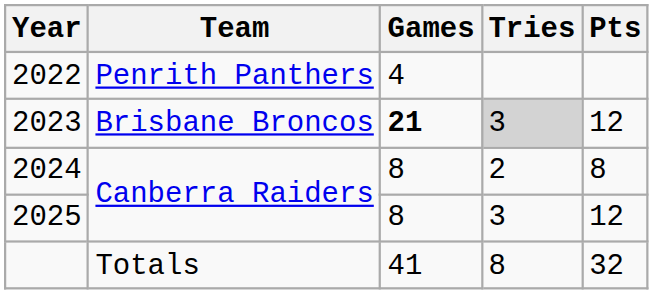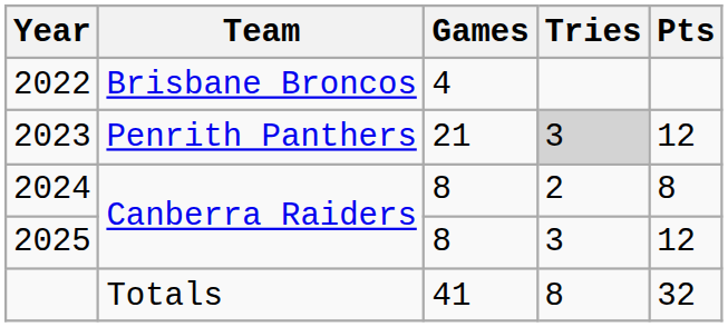 <table class="wikitable">
 <tr>
 <th>Year</th>
 <th>Team</th>
 <th>Games</th>
 <th>Tries</th>
 <th>Pts</th>
 </tr>
 <tr>
 <td>2022</td>
-<td> <a href='#'>Penrith Panthers</a></td>
+<td> <a href='#'>Brisbane Broncos</a></td>
 <td>4</td>
 <td></td>
 <td></td>
 </tr>
 <tr>
 <td>2023</td>
-<td> <a href='#'>Brisbane Broncos</a></td>
-<td><strong>21</strong></td>
+<td> <a href='#'>Penrith Panthers</a></td>
+<td>21</td>
 <td style="background: lightgrey;">3</td>
 <td>12</td>
 </tr>
 <tr>
 <td>2024</td>
 <td rowspan="2"> <a href='#'>Canberra Raiders</a></td>
 <td>8</td>
 <td>2</td>
 <td>8</td>
 </tr>
 <tr>
 <td>2025</td>
 <td>8</td>
 <td>3</td>
 <td>12</td>
 </tr>
 <tr>
 <td></td>
 <td>Totals</td>
 <td>41</td>
 <td>8</td>
 <td>32</td>
 </tr>
 </table>
